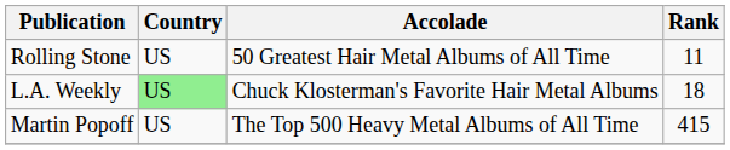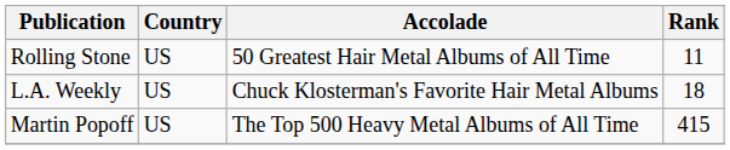 <table class="wikitable">
 <tr>
 <th>Publication</th>
 <th>Country</th>
 <th>Accolade</th>
 <th>Rank</th>
 </tr>
 <tr>
 <td>Rolling Stone</td>
 <td>US</td>
 <td>50 Greatest Hair Metal Albums of All Time</td>
 <td align="center">11</td>
 </tr>
 <tr>
 <td>L.A. Weekly</td>
-<td style="background: lightgreen;">US</td>
+<td>US</td>
 <td>Chuck Klosterman's Favorite Hair Metal Albums</td>
 <td align="center">18</td>
 </tr>
 <tr>
 <td>Martin Popoff</td>
 <td>US</td>
 <td>The Top 500 Heavy Metal Albums of All Time</td>
 <td align="center">415</td>
 </tr>
 <tr>
 </tr>
 </table>
